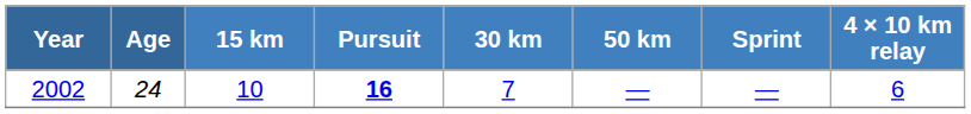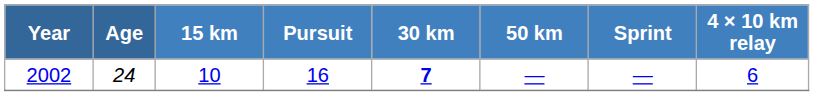 <table class="wikitable" style="font-size:95%; text-align:center; border:grey solid 1px; border-collapse:collapse; background:#ffffff;">
 <tr>
 <th style="background-color:#369; color:white; width:60px;"> Year </th>
 <th style="background-color:#369; color:white; width:40px;"> Age </th>
 <th style="background-color:#4180be; color:white; width:75px;"> 15 km </th>
 <th style="background-color:#4180be; color:white; width:75px;"> Pursuit </th>
 <th style="background-color:#4180be; color:white; width:75px;"> 30 km </th>
 <th style="background-color:#4180be; color:white; width:75px;"> 50 km </th>
 <th style="background-color:#4180be; color:white; width:75px;"> Sprint </th>
 <th style="background-color:#4180be; color:white; width:75px;"> 4 × 10 km <br> relay </th>
 </tr>
 <tr>
 <td><a href='#'>2002</a></td>
 <td><em>24</em></td>
 <td><a href='#'>10</a></td>
-<td><strong><a href='#'>16</a></strong></td>
-<td><a href='#'>7</a></td>
+<td><a href='#'>16</a></td>
+<td><strong><a href='#'>7</a></strong></td>
 <td><a href='#'>—</a></td>
 <td><a href='#'>—</a></td>
 <td><a href='#'>6</a></td>
 </tr>
 <tr>
 </tr>
 </table>
